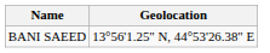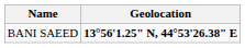 <table class="wikitable sortable">
 <tr>
 <th>Name</th>
 <th>Geolocation</th>
 </tr>
 <tr>
 <td>BANI SAEED</td>
-<td>13°56'1.25" N, 44°53'26.38" E</td>
+<td><strong>13°56'1.25" N, 44°53'26.38" E</strong></td>
 </tr>
 </table>
